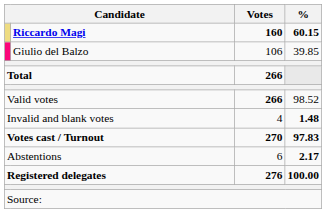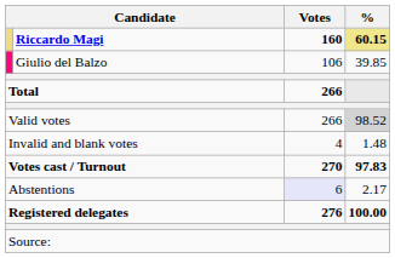 <table class="wikitable" style="text-align:right; font-size:95%;">
 <tr>
 <th colspan="2" width="300">Candidate</th>
 <th width="60">Votes</th>
 <th width="40">%</th>
 </tr>
 <tr>
 <td style="color:inherit;background:#EEDC82"></td>
 <td align="left"><strong><a href='#'>Riccardo Magi</a></strong></td>
 <td><strong>160</strong></td>
-<td><strong>60.15</strong></td>
+<td style="background: khaki;"><strong>60.15</strong></td>
 </tr>
 <tr>
 <td width="1" bgcolor=#FB077A></td>
 <td align="left">Giulio del Balzo</td>
 <td>106</td>
 <td>39.85</td>
 </tr>
 <tr>
 <th colspan="4"></th>
 </tr>
 <tr style="font-weight:bold;">
 <td align="left" colspan="2">Total</td>
 <td>266</td>
 <td bgcolor="#E9E9E9"></td>
 </tr>
 <tr>
 <th colspan="4"></th>
 </tr>
 <tr>
 <td colspan="2" align=left>Valid votes</td>
-<td align="right"><strong>266</strong></td>
-<td align="right">98.52</td>
+<td align="right">266</td>
+<td align="right" style="background: lightgrey;">98.52</td>
 </tr>
 <tr>
 <td colspan="2" align=left>Invalid and blank votes</td>
 <td align="right">4</td>
-<td align="right"><strong>1.48</strong></td>
+<td align="right">1.48</td>
 </tr>
 <tr>
 <td colspan="2" align="left"><strong>Votes cast / Turnout</strong></td>
 <td align="right"><strong>270</strong></td>
 <td align="right"><strong>97.83</strong></td>
 </tr>
 <tr>
 <td colspan="2" align="left">Abstentions</td>
-<td align="right">6</td>
-<td align="right"><strong>2.17</strong></td>
+<td align="right" style="background: lavender;">6</td>
+<td align="right">2.17</td>
 </tr>
 <tr>
 <td colspan="2" align="left"><strong>Registered delegates</strong></td>
 <td align="right"><strong>276</strong></td>
 <td align="right"><strong>100.00</strong></td>
 </tr>
 <tr>
 <th colspan="4"></th>
 </tr>
 <tr>
 <td colspan="4" align="left">Source: </td>
 </tr>
 </table>
